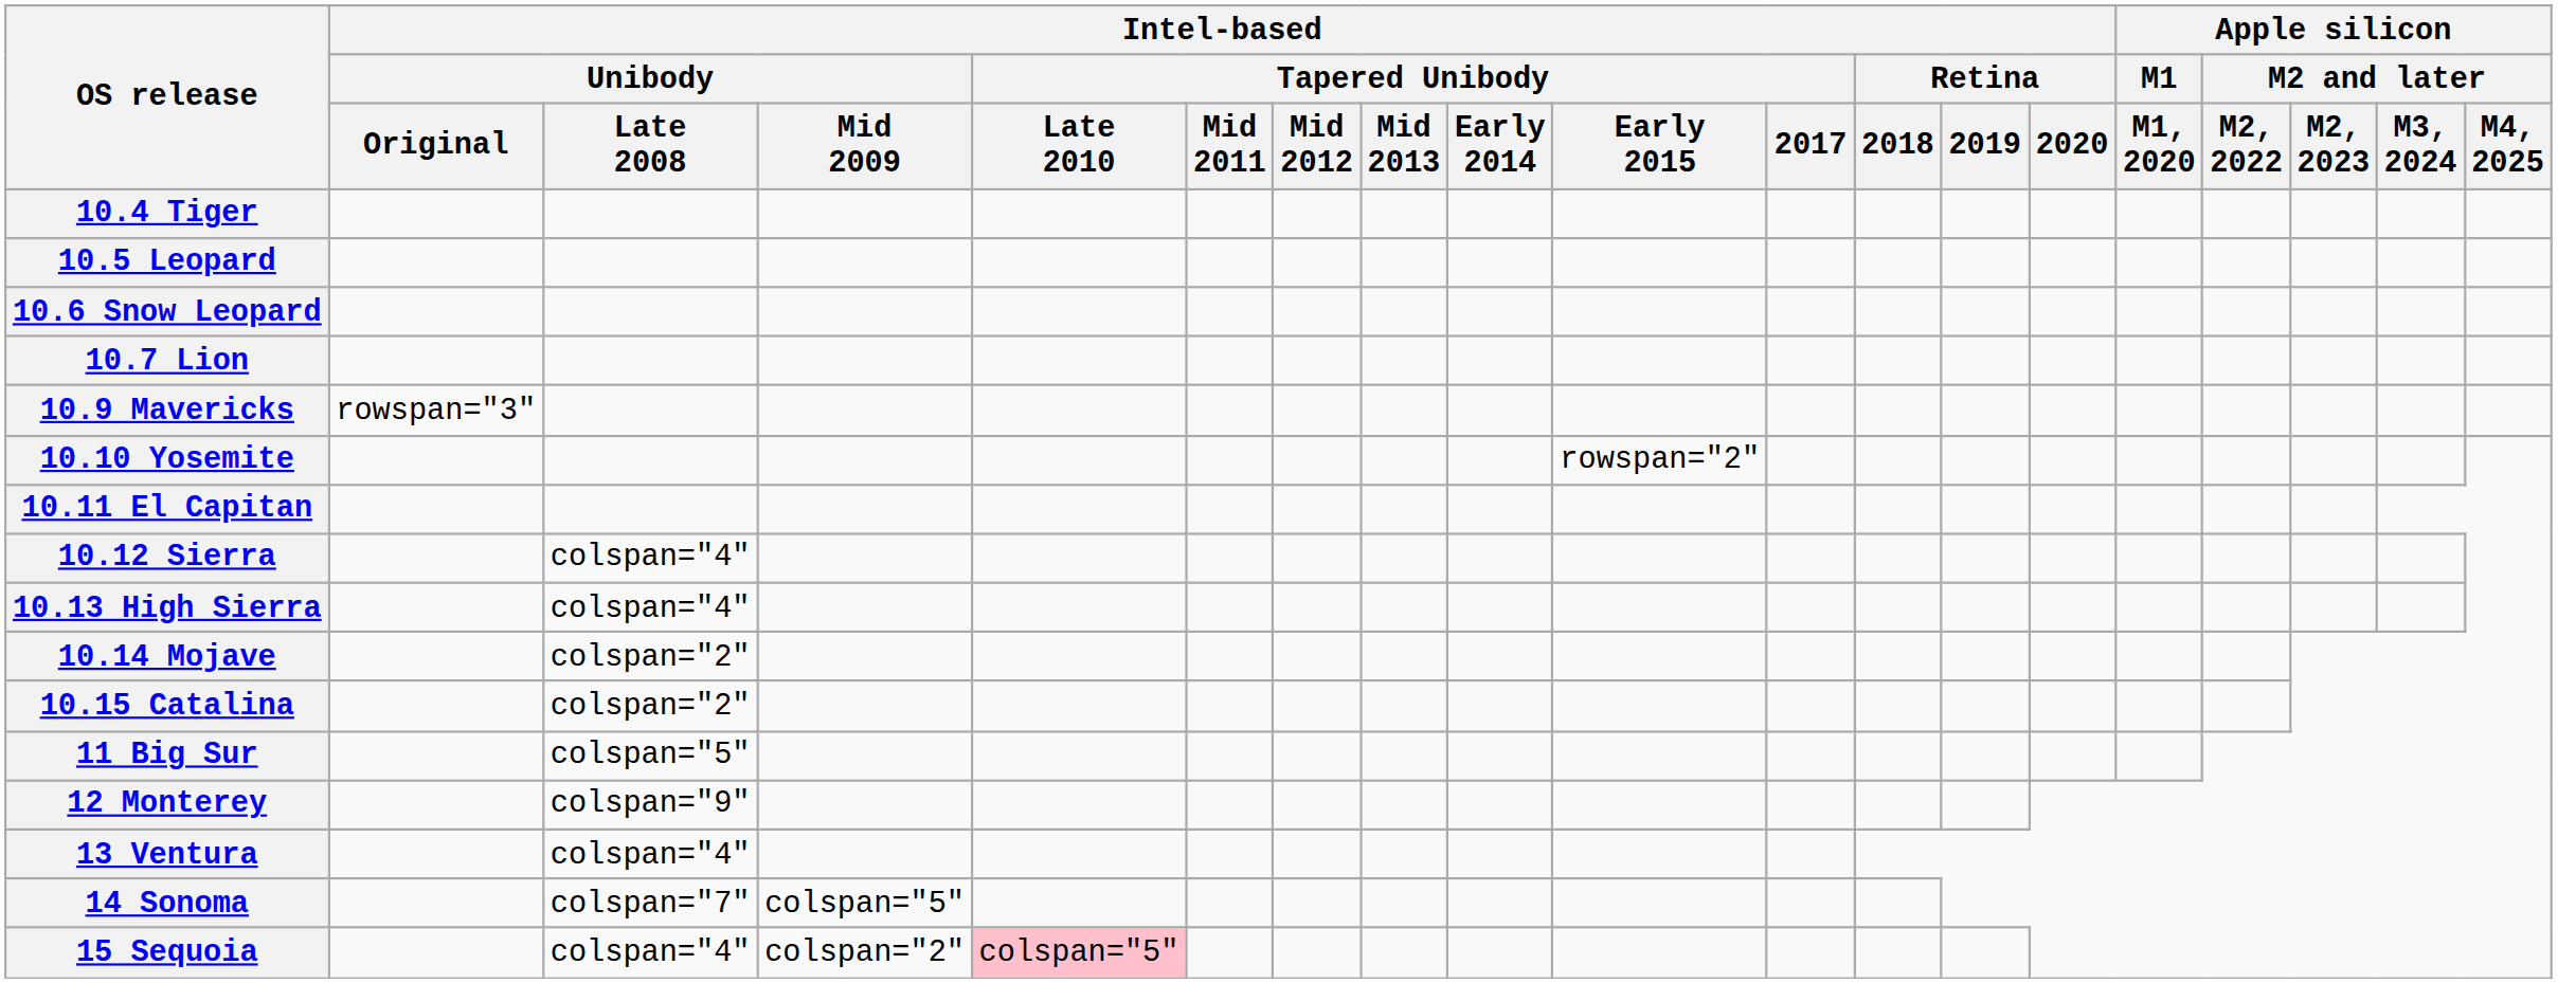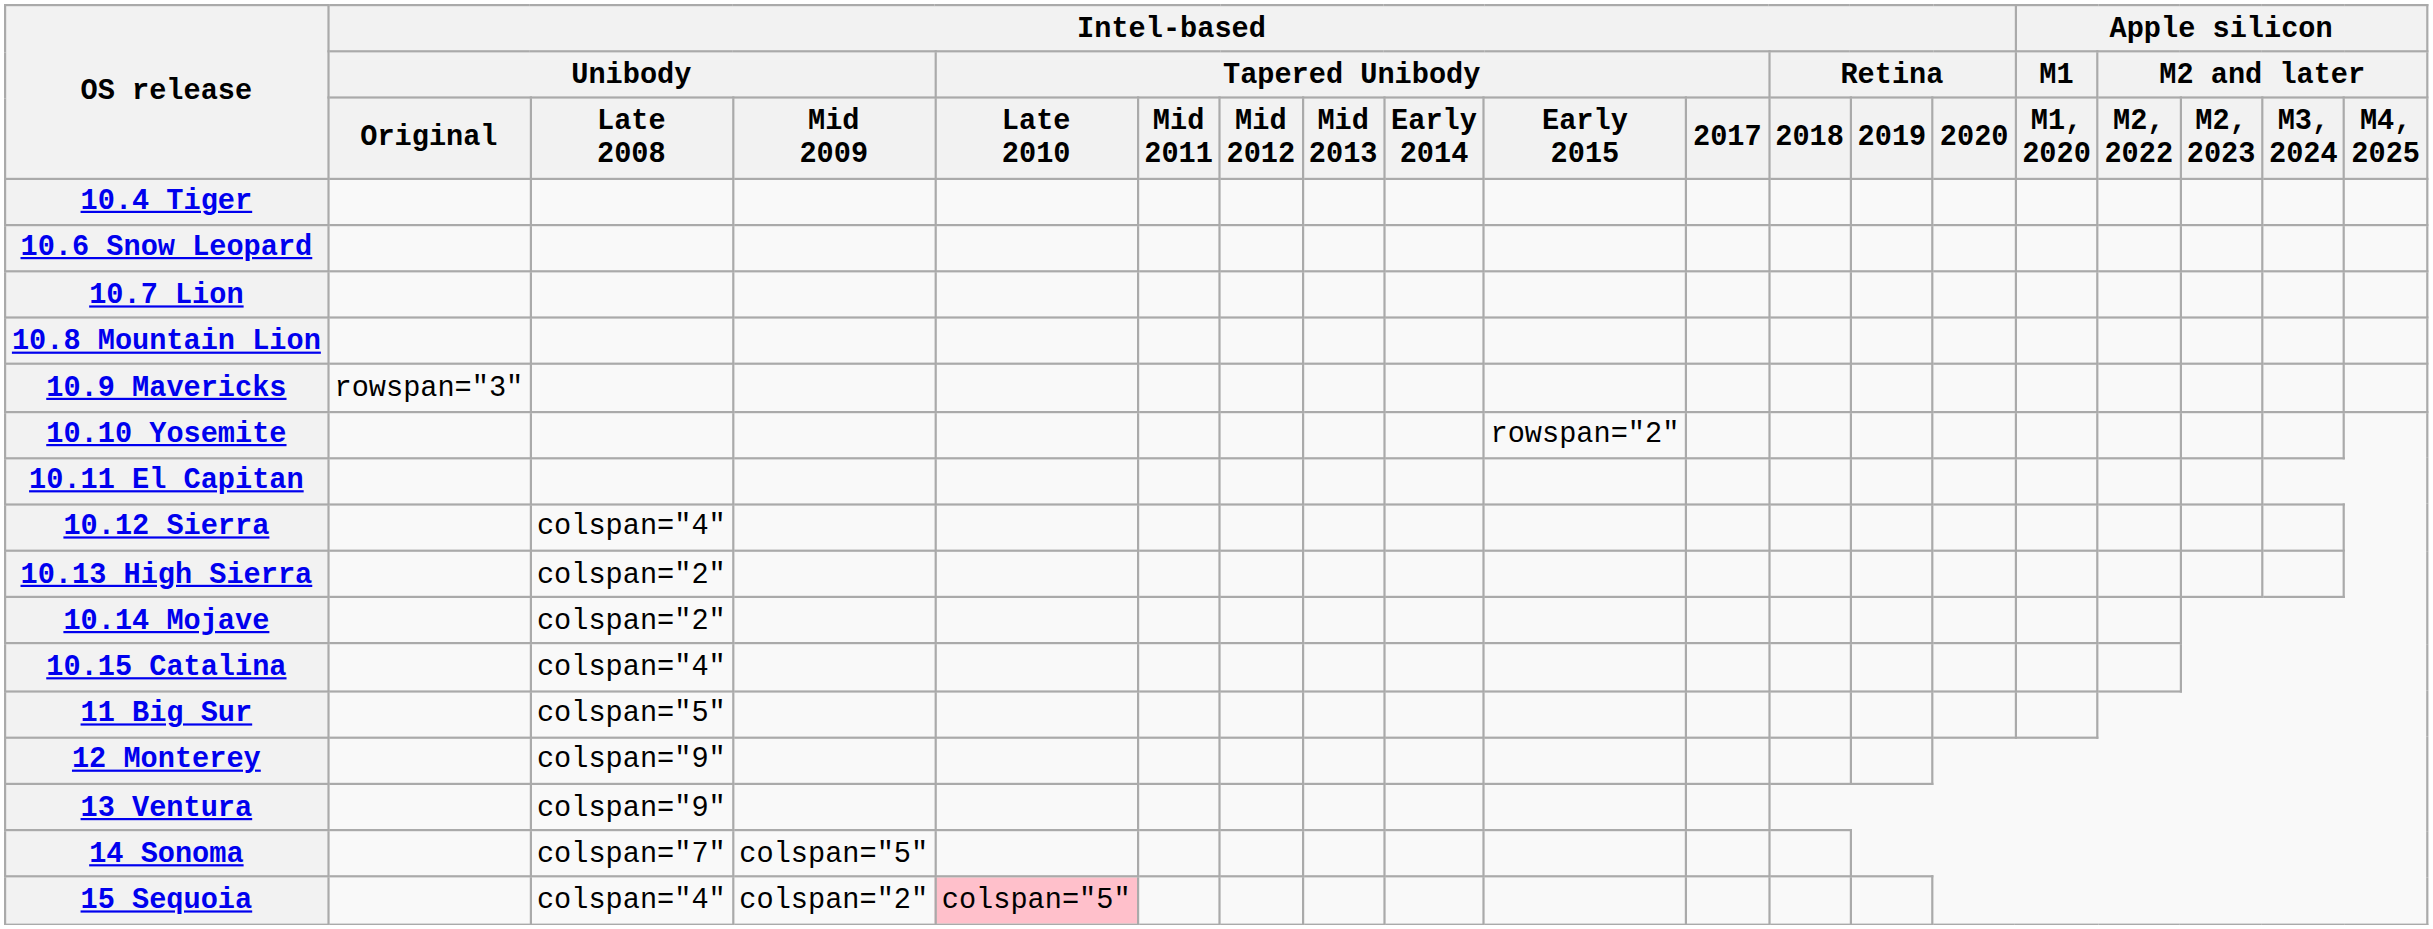 <table class="wikitable mw-collapsible">
 <tr>
 <th rowspan="3">OS release</th>
 <th colspan="13">Intel-based</th>
 <th colspan="5">Apple silicon</th>
 </tr>
 <tr>
 <th colspan="3">Unibody</th>
 <th colspan="7">Tapered Unibody</th>
 <th colspan="3">Retina</th>
 <th colspan="1">M1</th>
 <th colspan="4">M2 and later</th>
 </tr>
 <tr>
 <th>Original</th>
 <th>Late<br>2008</th>
 <th>Mid<br>2009</th>
 <th>Late<br>2010</th>
 <th>Mid<br>2011</th>
 <th>Mid<br>2012</th>
 <th>Mid<br>2013</th>
 <th>Early<br>2014</th>
 <th>Early<br>2015</th>
 <th>2017</th>
 <th>2018</th>
 <th>2019</th>
 <th>2020</th>
 <th>M1,<br>2020</th>
 <th>M2,<br>2022</th>
 <th>M2,<br>2023</th>
 <th>M3,<br>2024</th>
 <th>M4,<br>2025</th>
 </tr>
 <tr>
 <th><a href='#'>10.4 Tiger</a></th>
 <td></td>
 <td></td>
 <td></td>
 <td></td>
 <td></td>
 <td></td>
 <td></td>
 <td></td>
 <td></td>
 <td></td>
 <td></td>
 <td></td>
 <td></td>
 <td></td>
 <td></td>
 <td></td>
 <td></td>
 <td></td>
 </tr>
 <tr>
-<th><a href='#'>10.5 Leopard</a></th>
-<td></td>
-<td></td>
-<td></td>
-<td></td>
-<td></td>
-<td></td>
-<td></td>
-<td></td>
-<td></td>
-<td></td>
-<td></td>
-<td></td>
-<td></td>
-<td></td>
-<td></td>
-<td></td>
-<td></td>
-<td></td>
-</tr>
-<tr>
 <th><a href='#'>10.6 Snow Leopard</a></th>
 <td></td>
 <td></td>
 <td></td>
 <td></td>
 <td></td>
 <td></td>
 <td></td>
 <td></td>
 <td></td>
 <td></td>
 <td></td>
 <td></td>
 <td></td>
 <td></td>
 <td></td>
 <td></td>
 <td></td>
 <td></td>
 </tr>
 <tr>
 <th><a href='#'>10.7 Lion</a></th>
+<td></td>
+<td></td>
+<td></td>
+<td></td>
+<td></td>
+<td></td>
+<td></td>
+<td></td>
+<td></td>
+<td></td>
+<td></td>
+<td></td>
+<td></td>
+<td></td>
+<td></td>
+<td></td>
+<td></td>
+<td></td>
+</tr>
+<tr>
+<th><a href='#'>10.8 Mountain Lion</a></th>
 <td></td>
 <td></td>
 <td></td>
 <td></td>
 <td></td>
 <td></td>
 <td></td>
 <td></td>
 <td></td>
 <td></td>
 <td></td>
 <td></td>
 <td></td>
 <td></td>
 <td></td>
 <td></td>
 <td></td>
 <td></td>
 </tr>
 <tr>
 <th><a href='#'>10.9 Mavericks</a></th>
 <td>rowspan="3" </td>
 <td></td>
 <td></td>
 <td></td>
 <td></td>
 <td></td>
 <td></td>
 <td></td>
 <td></td>
 <td></td>
 <td></td>
 <td></td>
 <td></td>
 <td></td>
 <td></td>
 <td></td>
 <td></td>
 <td></td>
 </tr>
 <tr>
 <th><a href='#'>10.10 Yosemite</a></th>
 <td></td>
 <td></td>
 <td></td>
 <td></td>
 <td></td>
 <td></td>
 <td></td>
 <td></td>
 <td>rowspan="2" </td>
 <td></td>
 <td></td>
 <td></td>
 <td></td>
 <td></td>
 <td></td>
 <td></td>
 <td></td>
 </tr>
 <tr>
 <th><a href='#'>10.11 El Capitan</a></th>
 <td></td>
 <td></td>
 <td></td>
 <td></td>
 <td></td>
 <td></td>
 <td></td>
 <td></td>
 <td></td>
 <td></td>
 <td></td>
 <td></td>
 <td></td>
 <td></td>
 <td></td>
 <td></td>
 </tr>
 <tr>
 <th><a href='#'>10.12 Sierra</a></th>
 <td></td>
 <td>colspan="4" </td>
 <td></td>
 <td></td>
 <td></td>
 <td></td>
 <td></td>
 <td></td>
 <td></td>
 <td></td>
 <td></td>
 <td></td>
 <td></td>
 <td></td>
 <td></td>
 <td></td>
 <td></td>
 </tr>
 <tr>
 <th><a href='#'>10.13 High Sierra</a></th>
 <td></td>
-<td>colspan="4" </td>
+<td>colspan="2" </td>
 <td></td>
 <td></td>
 <td></td>
 <td></td>
 <td></td>
 <td></td>
 <td></td>
 <td></td>
 <td></td>
 <td></td>
 <td></td>
 <td></td>
 <td></td>
 <td></td>
 <td></td>
 </tr>
 <tr>
 <th><a href='#'>10.14 Mojave</a></th>
 <td></td>
 <td>colspan="2" </td>
 <td></td>
 <td></td>
 <td></td>
 <td></td>
 <td></td>
 <td></td>
 <td></td>
 <td></td>
 <td></td>
 <td></td>
 <td></td>
 <td></td>
 <td></td>
 </tr>
 <tr>
 <th><a href='#'>10.15 Catalina</a></th>
 <td></td>
-<td>colspan="2" </td>
+<td>colspan="4" </td>
 <td></td>
 <td></td>
 <td></td>
 <td></td>
 <td></td>
 <td></td>
 <td></td>
 <td></td>
 <td></td>
 <td></td>
 <td></td>
 <td></td>
 <td></td>
 </tr>
 <tr>
 <th><a href='#'>11 Big Sur</a></th>
 <td></td>
 <td>colspan="5" </td>
 <td></td>
 <td></td>
 <td></td>
 <td></td>
 <td></td>
 <td></td>
 <td></td>
 <td></td>
 <td></td>
 <td></td>
 <td></td>
 <td></td>
 </tr>
 <tr>
 <th><a href='#'>12 Monterey</a></th>
 <td></td>
 <td>colspan="9" </td>
 <td></td>
 <td></td>
 <td></td>
 <td></td>
 <td></td>
 <td></td>
 <td></td>
 <td></td>
 <td></td>
 <td></td>
 </tr>
 <tr>
 <th><a href='#'>13 Ventura</a></th>
 <td></td>
-<td>colspan="4" </td>
+<td>colspan="9" </td>
 <td></td>
 <td></td>
 <td></td>
 <td></td>
 <td></td>
 <td></td>
 <td></td>
 <td></td>
 </tr>
 <tr>
 <th><a href='#'>14 Sonoma</a></th>
 <td></td>
 <td>colspan="7" </td>
 <td>colspan="5" </td>
 <td></td>
 <td></td>
 <td></td>
 <td></td>
 <td></td>
 <td></td>
 <td></td>
 <td></td>
 </tr>
 <tr>
 <th><a href='#'>15 Sequoia</a></th>
 <td></td>
 <td>colspan="4" </td>
 <td>colspan="2" </td>
 <td style="background: pink;">colspan="5" </td>
 <td></td>
 <td></td>
 <td></td>
 <td></td>
 <td></td>
 <td></td>
 <td></td>
 <td></td>
 </tr>
 </table>
